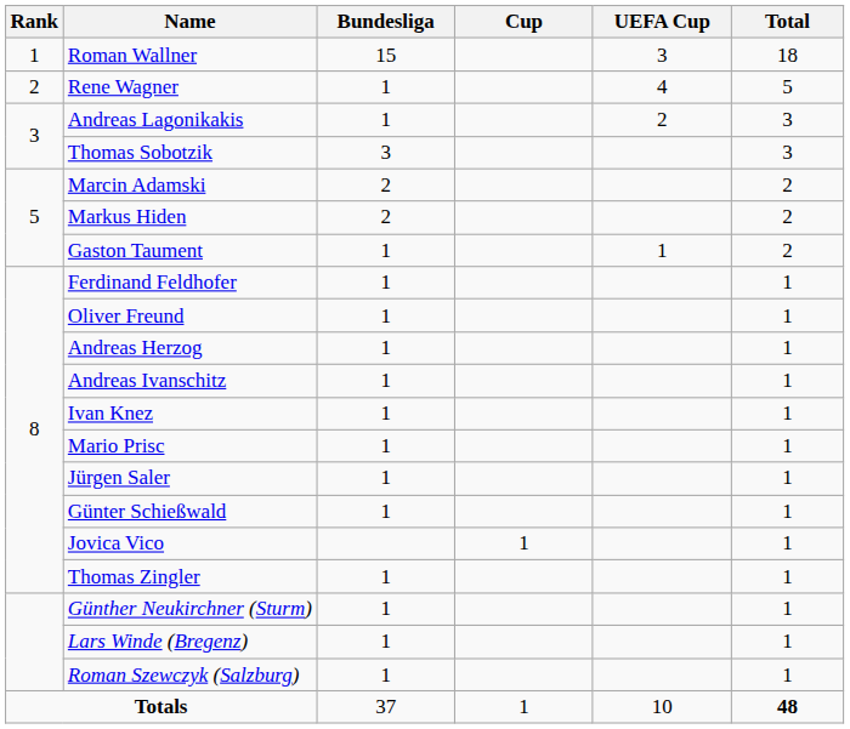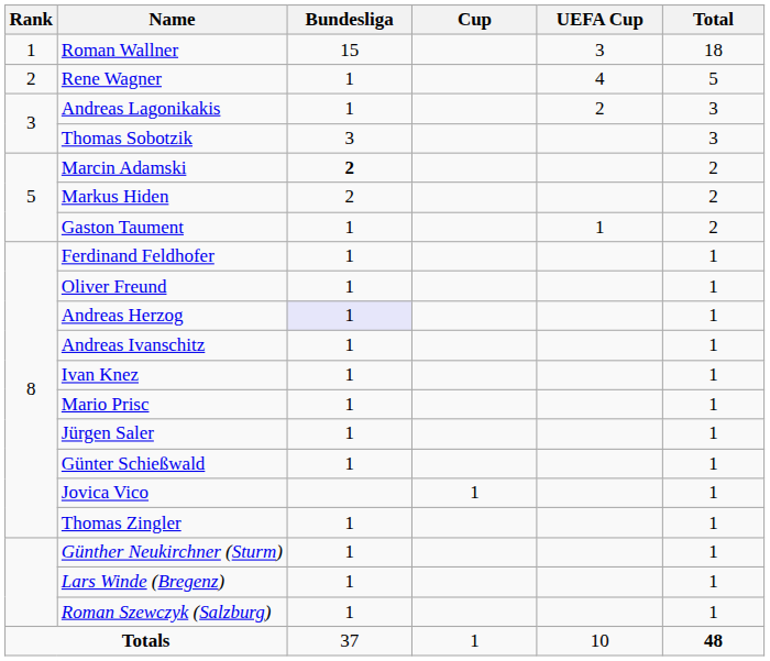 <table class="wikitable" style="text-align: center;">
 <tr>
 <th>Rank</th>
 <th>Name</th>
 <th width=100>Bundesliga</th>
 <th width=100>Cup</th>
 <th width=100>UEFA Cup</th>
 <th width=80><strong>Total</strong></th>
 </tr>
 <tr>
 <td>1</td>
 <td align="left"> <a href='#'>Roman Wallner</a></td>
 <td>15</td>
 <td></td>
 <td>3</td>
 <td>18</td>
 </tr>
 <tr>
 <td>2</td>
 <td align="left"> <a href='#'>Rene Wagner</a></td>
 <td>1</td>
 <td></td>
 <td>4</td>
 <td>5</td>
 </tr>
 <tr>
 <td rowspan="2">3</td>
 <td align="left"> <a href='#'>Andreas Lagonikakis</a></td>
 <td>1</td>
 <td></td>
 <td>2</td>
 <td>3</td>
 </tr>
 <tr>
 <td align="left"> <a href='#'>Thomas Sobotzik</a></td>
 <td>3</td>
 <td></td>
 <td></td>
 <td>3</td>
 </tr>
 <tr>
 <td rowspan="3">5</td>
 <td align="left"> <a href='#'>Marcin Adamski</a></td>
-<td>2</td>
+<td><strong>2</strong></td>
 <td></td>
 <td></td>
 <td>2</td>
 </tr>
 <tr>
 <td align="left"> <a href='#'>Markus Hiden</a></td>
 <td>2</td>
 <td></td>
 <td></td>
 <td>2</td>
 </tr>
 <tr>
 <td align="left"> <a href='#'>Gaston Taument</a></td>
 <td>1</td>
 <td></td>
 <td>1</td>
 <td>2</td>
 </tr>
 <tr>
 <td rowspan="10">8</td>
 <td align="left"> <a href='#'>Ferdinand Feldhofer</a></td>
 <td>1</td>
 <td></td>
 <td></td>
 <td>1</td>
 </tr>
 <tr>
 <td align="left"> <a href='#'>Oliver Freund</a></td>
 <td>1</td>
 <td></td>
 <td></td>
 <td>1</td>
 </tr>
 <tr>
 <td align="left"> <a href='#'>Andreas Herzog</a></td>
-<td>1</td>
+<td style="background: lavender;">1</td>
 <td></td>
 <td></td>
 <td>1</td>
 </tr>
 <tr>
 <td align="left"> <a href='#'>Andreas Ivanschitz</a></td>
 <td>1</td>
 <td></td>
 <td></td>
 <td>1</td>
 </tr>
 <tr>
 <td align="left"> <a href='#'>Ivan Knez</a></td>
 <td>1</td>
 <td></td>
 <td></td>
 <td>1</td>
 </tr>
 <tr>
 <td align="left"> <a href='#'>Mario Prisc</a></td>
 <td>1</td>
 <td></td>
 <td></td>
 <td>1</td>
 </tr>
 <tr>
 <td align="left"> <a href='#'>Jürgen Saler</a></td>
 <td>1</td>
 <td></td>
 <td></td>
 <td>1</td>
 </tr>
 <tr>
 <td align="left"> <a href='#'>Günter Schießwald</a></td>
 <td>1</td>
 <td></td>
 <td></td>
 <td>1</td>
 </tr>
 <tr>
 <td align="left"> <a href='#'>Jovica Vico</a></td>
 <td></td>
 <td>1</td>
 <td></td>
 <td>1</td>
 </tr>
 <tr>
 <td align="left"> <a href='#'>Thomas Zingler</a></td>
 <td>1</td>
 <td></td>
 <td></td>
 <td>1</td>
 </tr>
 <tr>
 <td rowspan="3"></td>
 <td align="left"> <em><a href='#'>Günther Neukirchner</a> (<a href='#'>Sturm</a>)</em></td>
 <td>1</td>
 <td></td>
 <td></td>
 <td>1</td>
 </tr>
 <tr>
 <td align="left"> <em><a href='#'>Lars Winde</a> (<a href='#'>Bregenz</a>)</em></td>
 <td>1</td>
 <td></td>
 <td></td>
 <td>1</td>
 </tr>
 <tr>
 <td align="left"> <em><a href='#'>Roman Szewczyk</a> (<a href='#'>Salzburg</a>)</em></td>
 <td>1</td>
 <td></td>
 <td></td>
 <td>1</td>
 </tr>
 <tr>
 <td colspan="2"><strong>Totals</strong></td>
 <td>37</td>
 <td>1</td>
 <td>10</td>
 <td><strong>48</strong></td>
 </tr>
 </table>
